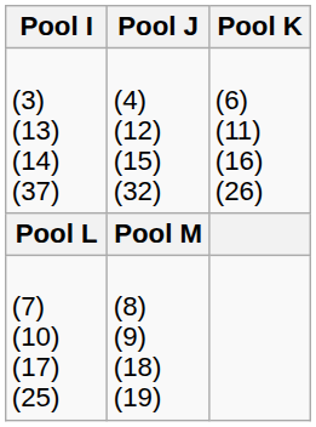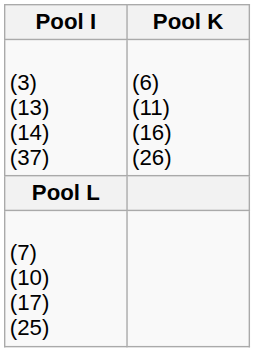 <table class="wikitable">
 <tr>
 <th width=33%>Pool I</th>
-<th width=33%>Pool J</th>
 <th width=33%>Pool K</th>
 </tr>
 <tr>
 <td><br> (3)<br>  (13)<br>  (14)<br>  (37)</td>
-<td><br> (4)<br>  (12)<br>  (15)<br>  (32)</td>
 <td><br> (6)<br>  (11)<br>  (16)<br>  (26)</td>
 </tr>
 <tr>
 <th>Pool L</th>
-<th>Pool M</th>
 <th></th>
 </tr>
 <tr>
 <td><br> (7)<br>  (10)<br>  (17)<br>  (25)</td>
-<td><br> (8)<br>  (9)<br>  (18)<br>  (19)</td>
 <td></td>
 </tr>
 </table>
